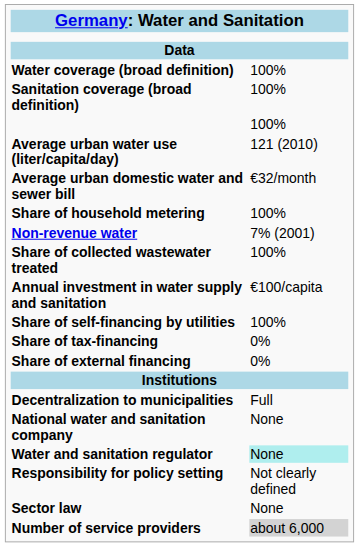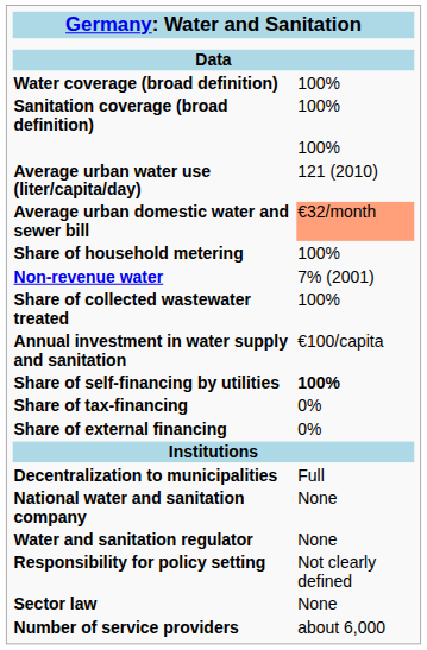 <table style="width: 25em; font-size: 90%; text-align: left;" class="infobox">
 <tr>
 <th style="text-align:center; background:lightblue;" colspan="2"><big><a href='#'>Germany</a>: Water and Sanitation</big></th>
 </tr>
 <tr>
 <td colspan="2" style="text-align:center;"></td>
 </tr>
 <tr>
 <td colspan="2" style="text-align:center;"></td>
 </tr>
 <tr>
 <th style="text-align:center; background:lightblue;" colspan="3">Data</th>
 </tr>
 <tr>
 <th style="text-align:left; vertical-align:top;">Water coverage (broad definition)</th>
 <td valign="top">100%</td>
 </tr>
 <tr>
 <th style="text-align:left; vertical-align:top;">Sanitation coverage (broad definition)</th>
 <td valign="top">100%</td>
 </tr>
 <tr>
 <th style="text-align:left; vertical-align:top;"></th>
 <td valign="top">100%</td>
 </tr>
 <tr>
 <th style="text-align:left; vertical-align:top;">Average urban water use (liter/capita/day)</th>
 <td valign="top">121 (2010)</td>
 </tr>
 <tr>
 <th style="text-align:left; vertical-align:top;">Average urban domestic water and sewer bill</th>
-<td valign="top">€32/month </td>
+<td valign="top" style="background: lightsalmon;">€32/month </td>
 </tr>
 <tr>
 <th style="text-align:left; vertical-align:top;">Share of household metering</th>
 <td valign="top">100%</td>
 </tr>
 <tr>
 <th style="text-align:left; vertical-align:top;"><a href='#'>Non-revenue water</a></th>
 <td valign="top">7% (2001)</td>
 </tr>
 <tr>
 <th style="text-align:left; vertical-align:top;">Share of collected wastewater treated</th>
 <td valign="top">100%</td>
 </tr>
 <tr>
 <th style="text-align:left; vertical-align:top;">Annual investment in water supply and sanitation</th>
 <td valign="top">€100/capita</td>
 </tr>
 <tr>
 <th style="text-align:left; vertical-align:top;">Share of self-financing by utilities</th>
-<td valign="top">100%</td>
+<td valign="top"><strong>100%</strong></td>
 </tr>
 <tr>
 <th style="text-align:left; vertical-align:top;">Share of tax-financing</th>
 <td valign="top">0%</td>
 </tr>
 <tr>
 <th style="text-align:left; vertical-align:top;">Share of external financing</th>
 <td valign="top">0%</td>
 </tr>
 <tr>
 <th style="text-align:center; background:lightblue;" colspan="3">Institutions</th>
 </tr>
 <tr>
 <th style="text-align:left; vertical-align:top;">Decentralization to municipalities</th>
 <td valign="top">Full</td>
 </tr>
 <tr>
 <th style="text-align:left; vertical-align:top;">National water and sanitation company</th>
 <td valign="top">None</td>
 </tr>
 <tr>
 <th style="text-align:left; vertical-align:top;">Water and sanitation regulator</th>
-<td valign="top" style="background: paleturquoise;">None</td>
+<td valign="top">None</td>
 </tr>
 <tr>
 <th style="text-align:left; vertical-align:top;">Responsibility for policy setting</th>
 <td valign="top">Not clearly defined</td>
 </tr>
 <tr>
 <th style="text-align:left; vertical-align:top;">Sector law</th>
 <td valign="top">None</td>
 </tr>
 <tr>
 <th style="text-align:left; vertical-align:top;">Number of service providers</th>
-<td valign="top" style="background: lightgrey;">about 6,000</td>
+<td valign="top">about 6,000</td>
 </tr>
 </table>
